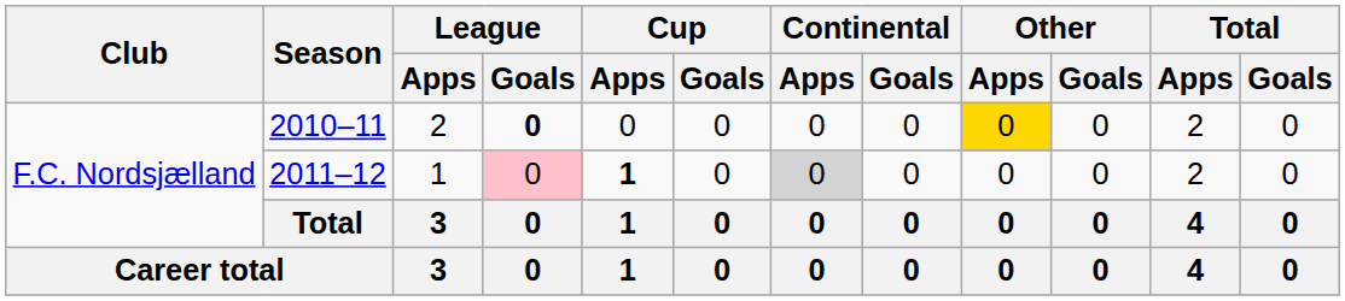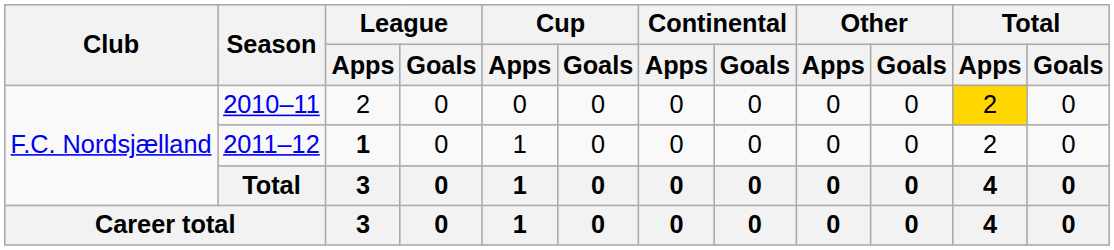 <table class="wikitable" style="text-align:center">
 <tr>
 <th rowspan="2">Club</th>
 <th rowspan="2">Season</th>
 <th colspan="2">League</th>
 <th colspan="2">Cup</th>
 <th colspan="2">Continental</th>
 <th colspan="2">Other</th>
 <th colspan="2">Total</th>
 </tr>
 <tr>
 <th>Apps</th>
 <th>Goals</th>
 <th>Apps</th>
 <th>Goals</th>
 <th>Apps</th>
 <th>Goals</th>
 <th>Apps</th>
 <th>Goals</th>
 <th>Apps</th>
 <th>Goals</th>
 </tr>
 <tr>
 <td rowspan="3"><a href='#'>F.C. Nordsjælland</a></td>
 <td><a href='#'>2010–11</a></td>
 <td>2</td>
-<td><strong>0</strong></td>
 <td>0</td>
 <td>0</td>
 <td>0</td>
 <td>0</td>
-<td style="background: gold;">0</td>
 <td>0</td>
-<td>2</td>
+<td>0</td>
+<td>0</td>
+<td style="background: gold;">2</td>
 <td>0</td>
 </tr>
 <tr>
 <td><a href='#'>2011–12</a></td>
-<td>1</td>
-<td style="background: pink;">0</td>
 <td><strong>1</strong></td>
 <td>0</td>
-<td style="background: lightgrey;">0</td>
+<td>1</td>
+<td>0</td>
+<td>0</td>
 <td>0</td>
 <td>0</td>
 <td>0</td>
 <td>2</td>
 <td>0</td>
 </tr>
 <tr>
 <th>Total</th>
 <th>3</th>
 <th>0</th>
 <th>1</th>
 <th>0</th>
 <th>0</th>
 <th>0</th>
 <th>0</th>
 <th>0</th>
 <th>4</th>
 <th>0</th>
 </tr>
 <tr>
 <th colspan="2">Career total</th>
 <th>3</th>
 <th>0</th>
 <th>1</th>
 <th>0</th>
 <th>0</th>
 <th>0</th>
 <th>0</th>
 <th>0</th>
 <th>4</th>
 <th>0</th>
 </tr>
 </table>
